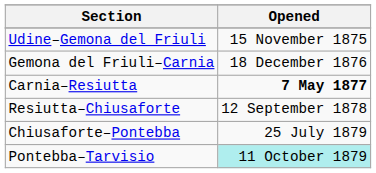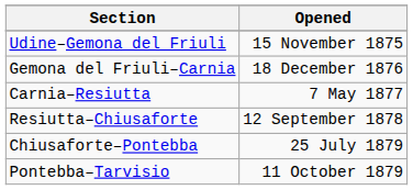 <table class="wikitable" style="float:right">
 <tr>
 </tr>
 <tr style="background:#efefef;">
 <th>Section</th>
 <th>Opened</th>
 </tr>
 <tr>
 </tr>
 <tr>
 <td align="left"><a href='#'>Udine</a>–<a href='#'>Gemona del Friuli</a></td>
 <td align="right">15 November 1875</td>
 </tr>
 <tr>
 <td align="left">Gemona del Friuli–<a href='#'>Carnia</a></td>
 <td align="right">18 December 1876</td>
 </tr>
 <tr>
 <td align="left">Carnia–<a href='#'>Resiutta</a></td>
-<td align="right"><strong>7 May 1877</strong></td>
+<td align="right">7 May 1877</td>
 </tr>
 <tr>
 <td align="left">Resiutta–<a href='#'>Chiusaforte</a></td>
 <td align="right">12 September 1878</td>
 </tr>
 <tr>
 <td align="left">Chiusaforte–<a href='#'>Pontebba</a></td>
 <td align="right">25 July 1879</td>
 </tr>
 <tr>
 <td align="left">Pontebba–<a href='#'>Tarvisio</a></td>
-<td align="right" style="background: paleturquoise;">11 October 1879</td>
+<td align="right">11 October 1879</td>
 </tr>
 </table>
